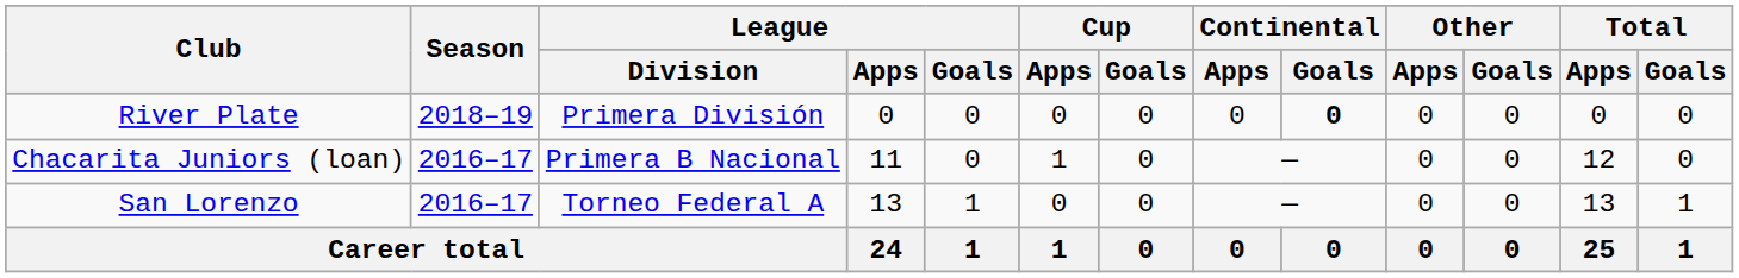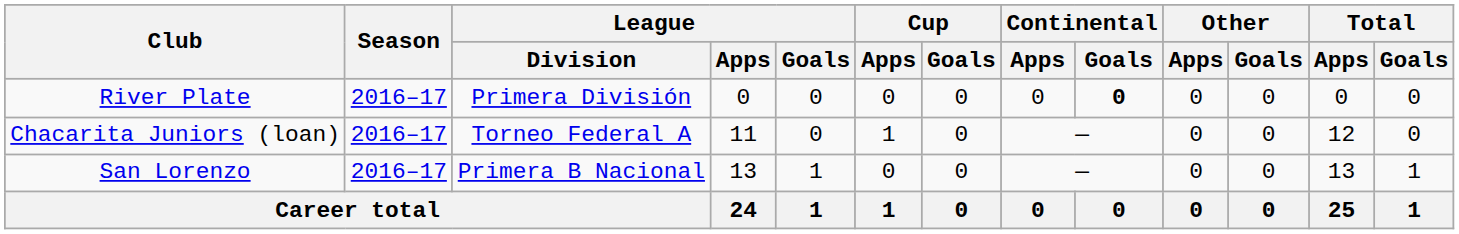 <table class="wikitable" style="text-align:center">
 <tr>
 <th rowspan="2">Club</th>
 <th rowspan="2">Season</th>
 <th colspan="3">League</th>
 <th colspan="2">Cup</th>
 <th colspan="2">Continental</th>
 <th colspan="2">Other</th>
 <th colspan="2">Total</th>
 </tr>
 <tr>
 <th>Division</th>
 <th>Apps</th>
 <th>Goals</th>
 <th>Apps</th>
 <th>Goals</th>
 <th>Apps</th>
 <th>Goals</th>
 <th>Apps</th>
 <th>Goals</th>
 <th>Apps</th>
 <th>Goals</th>
 </tr>
 <tr>
 <td rowspan="1"><a href='#'>River Plate</a></td>
-<td><a href='#'>2018–19</a></td>
+<td><a href='#'>2016–17</a></td>
 <td rowspan="1"><a href='#'>Primera División</a></td>
 <td>0</td>
 <td>0</td>
 <td>0</td>
 <td>0</td>
 <td>0</td>
 <td><strong>0</strong></td>
 <td>0</td>
 <td>0</td>
 <td>0</td>
 <td>0</td>
 </tr>
 <tr>
 <td rowspan="1"><a href='#'>Chacarita Juniors</a> (loan)</td>
 <td><a href='#'>2016–17</a></td>
-<td rowspan="1"><a href='#'>Primera B Nacional</a></td>
+<td rowspan="1"><a href='#'>Torneo Federal A</a></td>
 <td>11</td>
 <td>0</td>
 <td>1</td>
 <td>0</td>
 <td colspan="2">—</td>
 <td>0</td>
 <td>0</td>
 <td>12</td>
 <td>0</td>
 </tr>
 <tr>
 <td rowspan="1"><a href='#'>San Lorenzo</a></td>
 <td><a href='#'>2016–17</a></td>
-<td rowspan="1"><a href='#'>Torneo Federal A</a></td>
+<td rowspan="1"><a href='#'>Primera B Nacional</a></td>
 <td>13</td>
 <td>1</td>
 <td>0</td>
 <td>0</td>
 <td colspan="2">—</td>
 <td>0</td>
 <td>0</td>
 <td>13</td>
 <td>1</td>
 </tr>
 <tr>
 <th colspan="3">Career total</th>
 <th>24</th>
 <th>1</th>
 <th>1</th>
 <th>0</th>
 <th>0</th>
 <th>0</th>
 <th>0</th>
 <th>0</th>
 <th>25</th>
 <th>1</th>
 </tr>
 </table>
